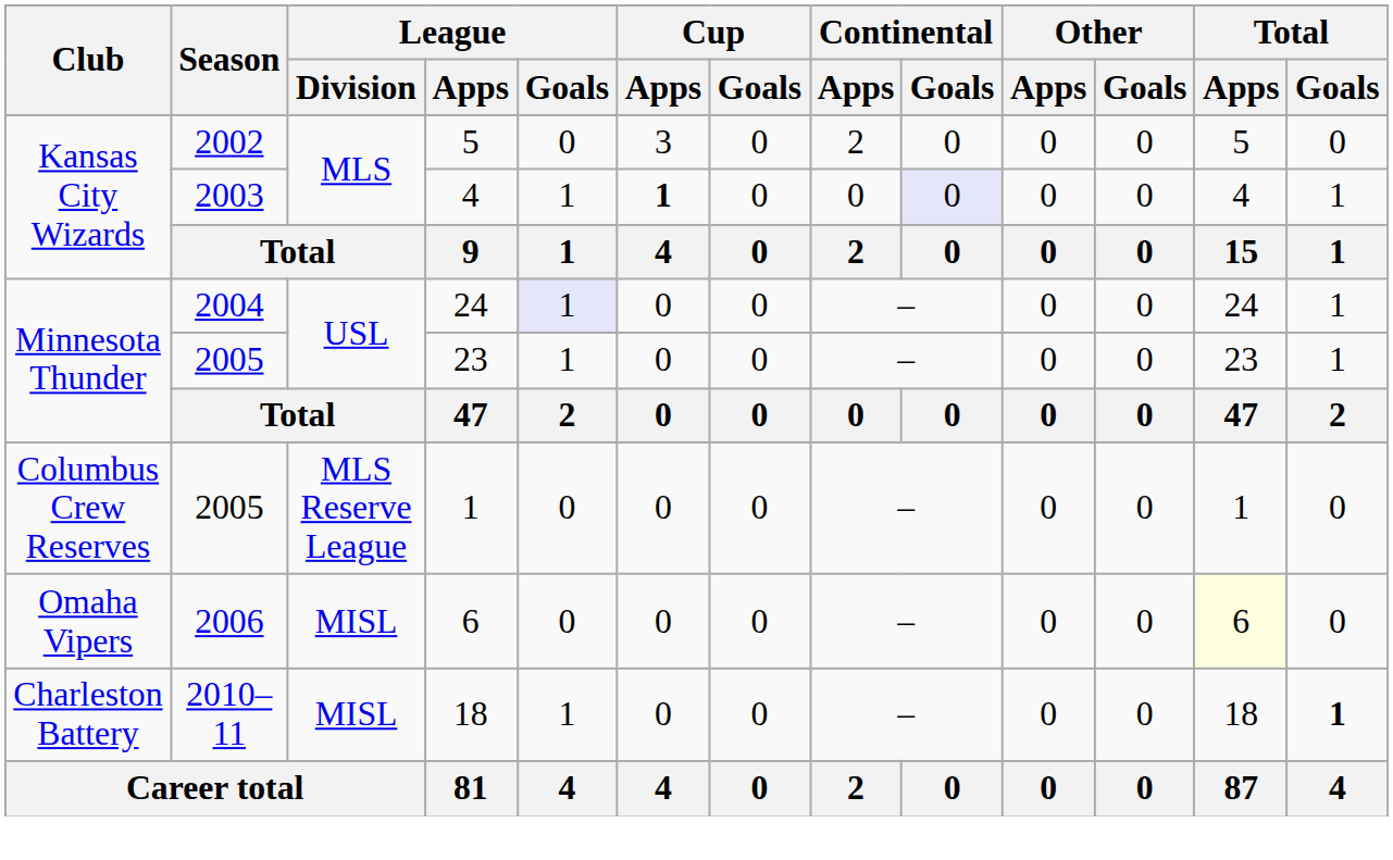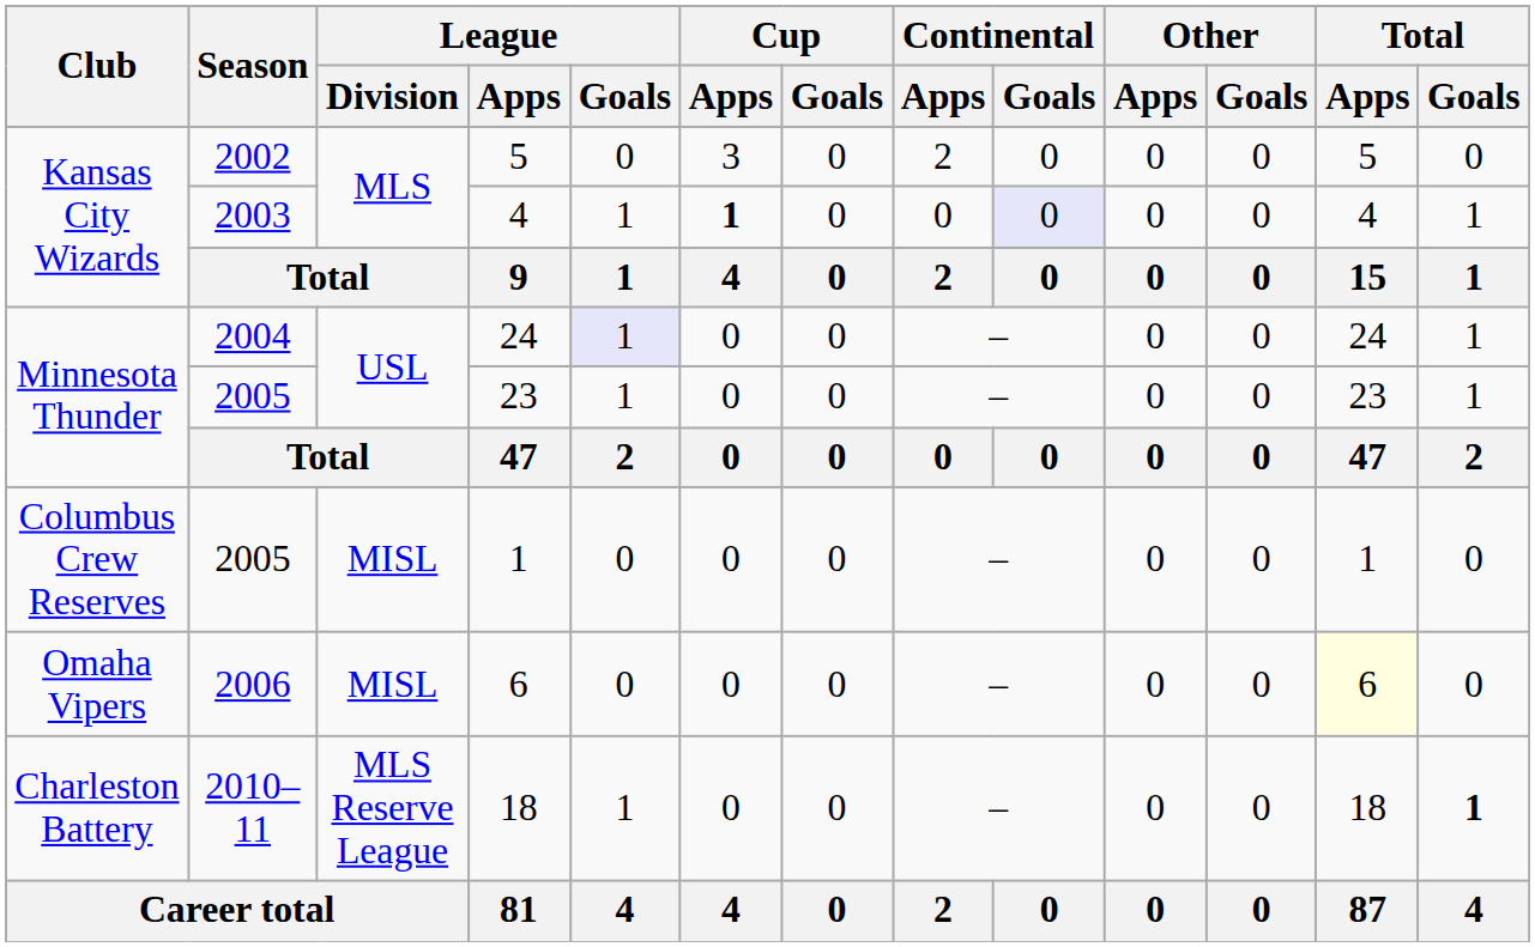 <table class="wikitable" style="text-align: center">
 <tr>
 <th rowspan="2">Club</th>
 <th rowspan="2">Season</th>
 <th colspan="3">League</th>
 <th colspan="2">Cup</th>
 <th colspan="2">Continental</th>
 <th colspan="2">Other</th>
 <th colspan="2">Total</th>
 </tr>
 <tr>
 <th>Division</th>
 <th>Apps</th>
 <th>Goals</th>
 <th>Apps</th>
 <th>Goals</th>
 <th>Apps</th>
 <th>Goals</th>
 <th>Apps</th>
 <th>Goals</th>
 <th>Apps</th>
 <th>Goals</th>
 </tr>
 <tr>
 <td rowspan="3"><a href='#'>Kansas City Wizards</a></td>
 <td><a href='#'>2002</a></td>
 <td rowspan="2"><a href='#'>MLS</a></td>
 <td>5</td>
 <td>0</td>
 <td>3</td>
 <td>0</td>
 <td>2</td>
 <td>0</td>
 <td>0</td>
 <td>0</td>
 <td>5</td>
 <td>0</td>
 </tr>
 <tr>
 <td><a href='#'>2003</a></td>
 <td>4</td>
 <td>1</td>
 <td><strong>1</strong></td>
 <td>0</td>
 <td>0</td>
 <td style="background: lavender;">0</td>
 <td>0</td>
 <td>0</td>
 <td>4</td>
 <td>1</td>
 </tr>
 <tr>
 <th colspan="2"><strong>Total</strong></th>
 <th>9</th>
 <th>1</th>
 <th>4</th>
 <th>0</th>
 <th>2</th>
 <th>0</th>
 <th>0</th>
 <th>0</th>
 <th>15</th>
 <th>1</th>
 </tr>
 <tr>
 <td rowspan="3"><a href='#'>Minnesota Thunder</a></td>
 <td><a href='#'>2004</a></td>
 <td rowspan="2"><a href='#'>USL</a></td>
 <td>24</td>
 <td style="background: lavender;">1</td>
 <td>0</td>
 <td>0</td>
 <td colspan="2">–</td>
 <td>0</td>
 <td>0</td>
 <td>24</td>
 <td>1</td>
 </tr>
 <tr>
 <td><a href='#'>2005</a></td>
 <td>23</td>
 <td>1</td>
 <td>0</td>
 <td>0</td>
 <td colspan="2">–</td>
 <td>0</td>
 <td>0</td>
 <td>23</td>
 <td>1</td>
 </tr>
 <tr>
 <th colspan="2"><strong>Total</strong></th>
 <th>47</th>
 <th>2</th>
 <th>0</th>
 <th>0</th>
 <th>0</th>
 <th>0</th>
 <th>0</th>
 <th>0</th>
 <th>47</th>
 <th>2</th>
 </tr>
 <tr>
 <td><a href='#'>Columbus Crew Reserves</a></td>
 <td>2005</td>
-<td><a href='#'>MLS Reserve League</a></td>
+<td><a href='#'>MISL</a></td>
 <td>1</td>
 <td>0</td>
 <td>0</td>
 <td>0</td>
 <td colspan="2">–</td>
 <td>0</td>
 <td>0</td>
 <td>1</td>
 <td>0</td>
 </tr>
 <tr>
 <td><a href='#'>Omaha Vipers</a></td>
 <td><a href='#'>2006</a></td>
 <td><a href='#'>MISL</a></td>
 <td>6</td>
 <td>0</td>
 <td>0</td>
 <td>0</td>
 <td colspan="2">–</td>
 <td>0</td>
 <td>0</td>
 <td style="background: lightyellow;">6</td>
 <td>0</td>
 </tr>
 <tr>
 <td><a href='#'>Charleston Battery</a></td>
 <td><a href='#'>2010–11</a></td>
-<td><a href='#'>MISL</a></td>
+<td><a href='#'>MLS Reserve League</a></td>
 <td>18</td>
 <td>1</td>
 <td>0</td>
 <td>0</td>
 <td colspan="2">–</td>
 <td>0</td>
 <td>0</td>
 <td>18</td>
 <td><strong>1</strong></td>
 </tr>
 <tr>
 <th colspan="3"><strong>Career total</strong></th>
 <th>81</th>
 <th>4</th>
 <th>4</th>
 <th>0</th>
 <th>2</th>
 <th>0</th>
 <th>0</th>
 <th>0</th>
 <th>87</th>
 <th>4</th>
 </tr>
 </table>
